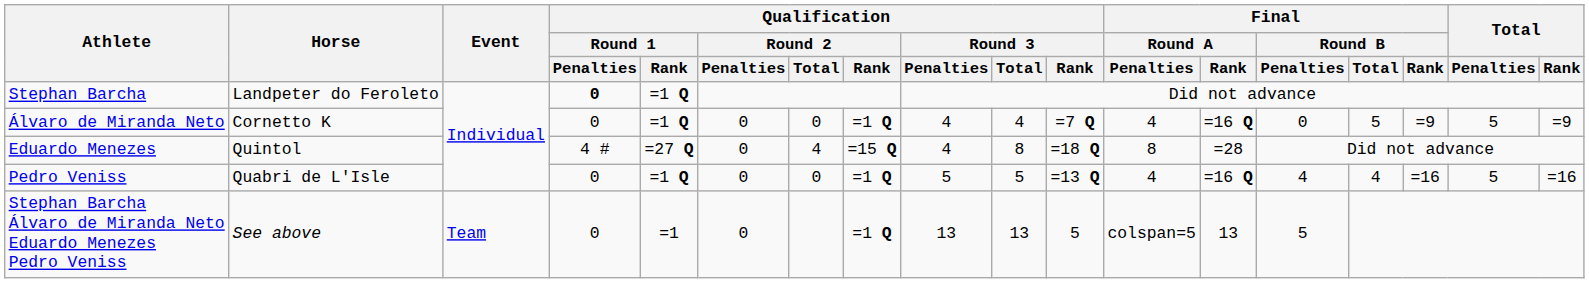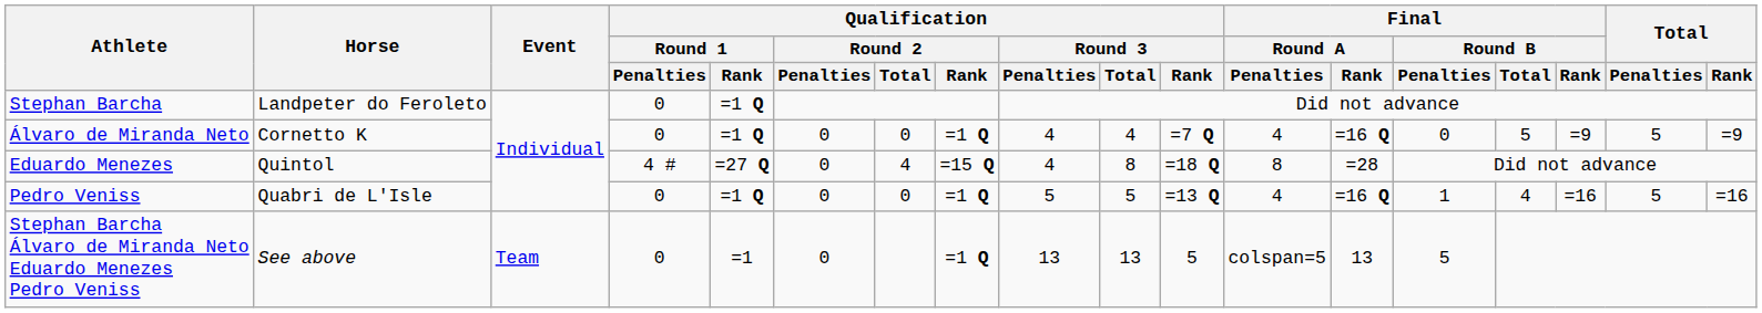 <table class="wikitable" style="font-size:90%">
 <tr>
 <th rowspan="3">Athlete</th>
 <th rowspan="3">Horse</th>
 <th rowspan="3">Event</th>
 <th colspan="8">Qualification</th>
 <th colspan="5">Final</th>
 <th rowspan=2 colspan="2">Total</th>
 </tr>
 <tr style="font-size:95%">
 <th colspan="2">Round 1</th>
 <th colspan="3">Round 2</th>
 <th colspan="3">Round 3</th>
 <th colspan="2">Round A</th>
 <th colspan="3">Round B</th>
 </tr>
 <tr style="font-size:95%">
 <th>Penalties</th>
 <th>Rank</th>
 <th>Penalties</th>
 <th>Total</th>
 <th>Rank</th>
 <th>Penalties</th>
 <th>Total</th>
 <th>Rank</th>
 <th>Penalties</th>
 <th>Rank</th>
 <th>Penalties</th>
 <th>Total</th>
 <th>Rank</th>
 <th>Penalties</th>
 <th>Rank</th>
 </tr>
 <tr align=center>
 <td align=left><a href='#'>Stephan Barcha</a></td>
 <td align=left>Landpeter do Feroleto</td>
 <td align=left rowspan=4><a href='#'>Individual</a></td>
-<td><strong>0</strong></td>
+<td>0</td>
 <td>=1 <strong>Q</strong></td>
 <td colspan=3></td>
 <td colspan=10>Did not advance</td>
 </tr>
 <tr align=center>
 <td align=left><a href='#'>Álvaro de Miranda Neto</a></td>
 <td align=left>Cornetto K</td>
 <td>0</td>
 <td>=1 <strong>Q</strong></td>
 <td>0</td>
 <td>0</td>
 <td>=1 <strong>Q</strong></td>
 <td>4</td>
 <td>4</td>
 <td>=7 <strong>Q</strong></td>
 <td>4</td>
 <td>=16 <strong>Q</strong></td>
 <td>0</td>
 <td>5</td>
 <td>=9</td>
 <td>5</td>
 <td>=9</td>
 </tr>
 <tr align=center>
 <td align=left><a href='#'>Eduardo Menezes</a></td>
 <td align=left>Quintol</td>
 <td>4 #</td>
 <td>=27 <strong>Q</strong></td>
 <td>0</td>
 <td>4</td>
 <td>=15 <strong>Q</strong></td>
 <td>4</td>
 <td>8</td>
 <td>=18 <strong>Q</strong></td>
 <td>8</td>
 <td>=28</td>
 <td colspan=5>Did not advance</td>
 </tr>
 <tr align=center>
 <td align=left><a href='#'>Pedro Veniss</a></td>
 <td align=left>Quabri de L'Isle</td>
 <td>0</td>
 <td>=1 <strong>Q</strong></td>
 <td>0</td>
 <td>0</td>
 <td>=1 <strong>Q</strong></td>
 <td>5</td>
 <td>5</td>
 <td>=13 <strong>Q</strong></td>
 <td>4</td>
 <td>=16 <strong>Q</strong></td>
-<td>4</td>
+<td>1</td>
 <td>4</td>
 <td>=16</td>
 <td>5</td>
 <td>=16</td>
 </tr>
 <tr align=center>
 <td align=left><a href='#'>Stephan Barcha</a><br><a href='#'>Álvaro de Miranda Neto</a><br><a href='#'>Eduardo Menezes</a><br><a href='#'>Pedro Veniss</a></td>
 <td align=left><em>See above</em></td>
 <td align=left><a href='#'>Team</a></td>
 <td>0</td>
 <td>=1</td>
 <td>0</td>
 <td></td>
 <td>=1 <strong>Q</strong></td>
 <td>13</td>
 <td>13</td>
 <td>5</td>
 <td>colspan=5 </td>
 <td>13</td>
 <td>5</td>
 </tr>
 </table>
